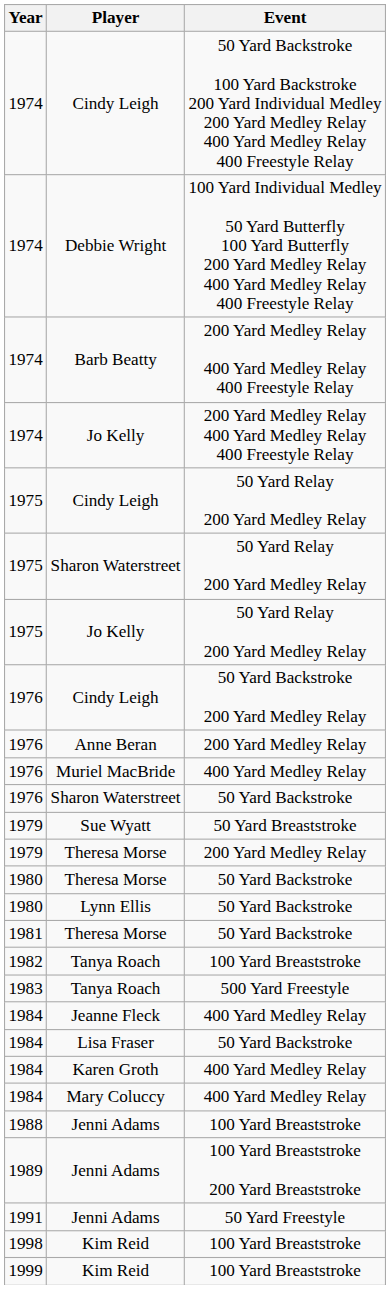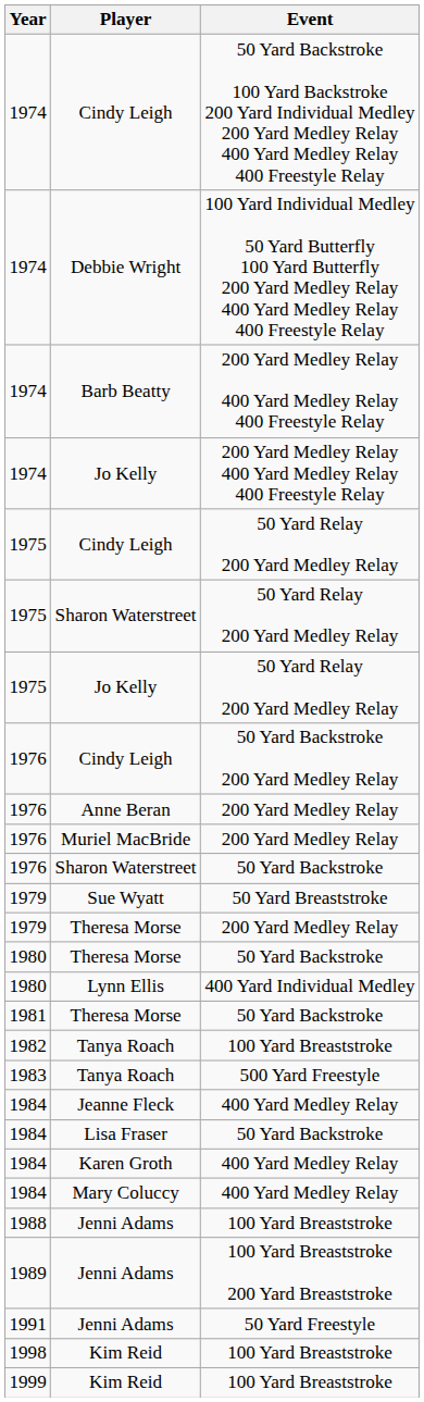 <table class="wikitable" style="text-align: center">
 <tr align=center>
 <th>Year</th>
 <th>Player</th>
 <th>Event</th>
 </tr>
 <tr>
 <td>1974</td>
 <td>Cindy Leigh</td>
 <td>50 Yard Backstroke<br><br>100 Yard Backstroke<br> 200 Yard Individual Medley<br> 200 Yard Medley Relay<br> 400 Yard Medley Relay<br> 400 Freestyle Relay</td>
 </tr>
 <tr>
 <td>1974</td>
 <td>Debbie Wright</td>
 <td>100 Yard Individual Medley<br><br>50 Yard Butterfly<br> 100 Yard Butterfly<br> 200 Yard Medley Relay<br> 400 Yard Medley Relay<br> 400 Freestyle Relay</td>
 </tr>
 <tr>
 <td>1974</td>
 <td>Barb Beatty</td>
 <td>200 Yard Medley Relay<br><br>400 Yard Medley Relay<br> 400 Freestyle Relay</td>
 </tr>
 <tr>
 <td>1974</td>
 <td>Jo Kelly</td>
 <td>200 Yard Medley Relay<br>400 Yard Medley Relay<br>400 Freestyle Relay</td>
 </tr>
 <tr>
 <td>1975</td>
 <td>Cindy Leigh</td>
 <td>50 Yard Relay<br><br>200 Yard Medley Relay</td>
 </tr>
 <tr>
 <td>1975</td>
 <td>Sharon Waterstreet</td>
 <td>50 Yard Relay<br><br>200 Yard Medley Relay</td>
 </tr>
 <tr>
 <td>1975</td>
 <td>Jo Kelly</td>
 <td>50 Yard Relay<br><br>200 Yard Medley Relay</td>
 </tr>
 <tr>
 <td>1976</td>
 <td>Cindy Leigh</td>
 <td>50 Yard Backstroke<br><br>200 Yard Medley Relay</td>
 </tr>
 <tr>
 <td>1976</td>
 <td>Anne Beran</td>
 <td>200 Yard Medley Relay</td>
 </tr>
 <tr>
 <td>1976</td>
 <td>Muriel MacBride</td>
-<td>400 Yard Medley Relay</td>
+<td>200 Yard Medley Relay</td>
 </tr>
 <tr>
 <td>1976</td>
 <td>Sharon Waterstreet</td>
 <td>50 Yard Backstroke</td>
 </tr>
 <tr>
 <td>1979</td>
 <td>Sue Wyatt</td>
 <td>50 Yard Breaststroke</td>
 </tr>
 <tr>
 <td>1979</td>
 <td>Theresa Morse</td>
 <td>200 Yard Medley Relay</td>
 </tr>
 <tr>
 <td>1980</td>
 <td>Theresa Morse</td>
 <td>50 Yard Backstroke</td>
 </tr>
 <tr>
 <td>1980</td>
 <td>Lynn Ellis</td>
-<td>50 Yard Backstroke</td>
+<td>400 Yard Individual Medley</td>
 </tr>
 <tr>
 <td>1981</td>
 <td>Theresa Morse</td>
 <td>50 Yard Backstroke</td>
 </tr>
 <tr>
 <td>1982</td>
 <td>Tanya Roach</td>
 <td>100 Yard Breaststroke</td>
 </tr>
 <tr>
 <td>1983</td>
 <td>Tanya Roach</td>
 <td>500 Yard Freestyle</td>
 </tr>
 <tr>
 <td>1984</td>
 <td>Jeanne Fleck</td>
 <td>400 Yard Medley Relay</td>
 </tr>
 <tr>
 <td>1984</td>
 <td>Lisa Fraser</td>
 <td>50 Yard Backstroke</td>
 </tr>
 <tr>
 <td>1984</td>
 <td>Karen Groth</td>
 <td>400 Yard Medley Relay</td>
 </tr>
 <tr>
 <td>1984</td>
 <td>Mary Coluccy</td>
 <td>400 Yard Medley Relay</td>
 </tr>
 <tr>
 <td>1988</td>
 <td>Jenni Adams</td>
 <td>100 Yard Breaststroke</td>
 </tr>
 <tr>
 <td>1989</td>
 <td>Jenni Adams</td>
 <td>100 Yard Breaststroke<br><br>200 Yard Breaststroke</td>
 </tr>
 <tr>
 <td>1991</td>
 <td>Jenni Adams</td>
 <td>50 Yard Freestyle</td>
 </tr>
 <tr>
 <td>1998</td>
 <td>Kim Reid</td>
 <td>100 Yard Breaststroke</td>
 </tr>
 <tr>
 <td>1999</td>
 <td>Kim Reid</td>
 <td>100 Yard Breaststroke</td>
 </tr>
 </table>
